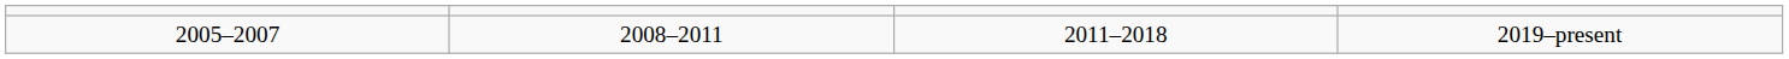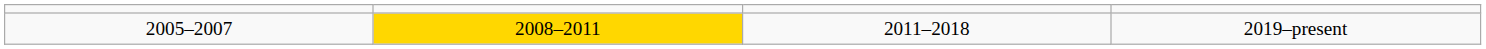 <table class="wikitable sortable">
 <tr align="center">
 <td width="300" align="center"></td>
 <td width="300" align="center"></td>
 <td width="300" align="center"></td>
 <td width="300" align="center"></td>
 </tr>
 <tr align="center">
 <td>2005–2007</td>
-<td>2008–2011</td>
+<td style="background: gold;">2008–2011</td>
 <td>2011–2018</td>
 <td>2019–present</td>
 </tr>
 </table>
